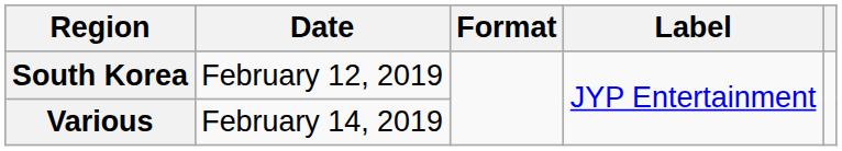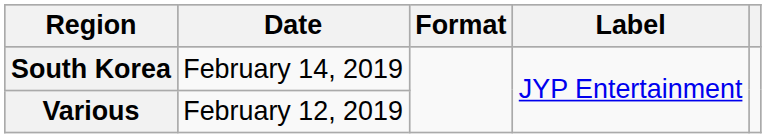 <table class="wikitable plainrowheaders">
 <tr>
 <th scope="col">Region</th>
 <th scope="col">Date</th>
 <th scope="col">Format</th>
 <th scope="col">Label</th>
 <th scope="col"></th>
 </tr>
 <tr>
 <th scope="row">South Korea</th>
-<td>February 12, 2019</td>
+<td>February 14, 2019</td>
 <td rowspan="2"></td>
 <td rowspan="2"><a href='#'>JYP Entertainment</a></td>
 <td rowspan="2" style="text-align:center"></td>
 </tr>
 <tr>
 <th scope="row">Various</th>
-<td>February 14, 2019</td>
+<td>February 12, 2019</td>
 </tr>
 </table>
